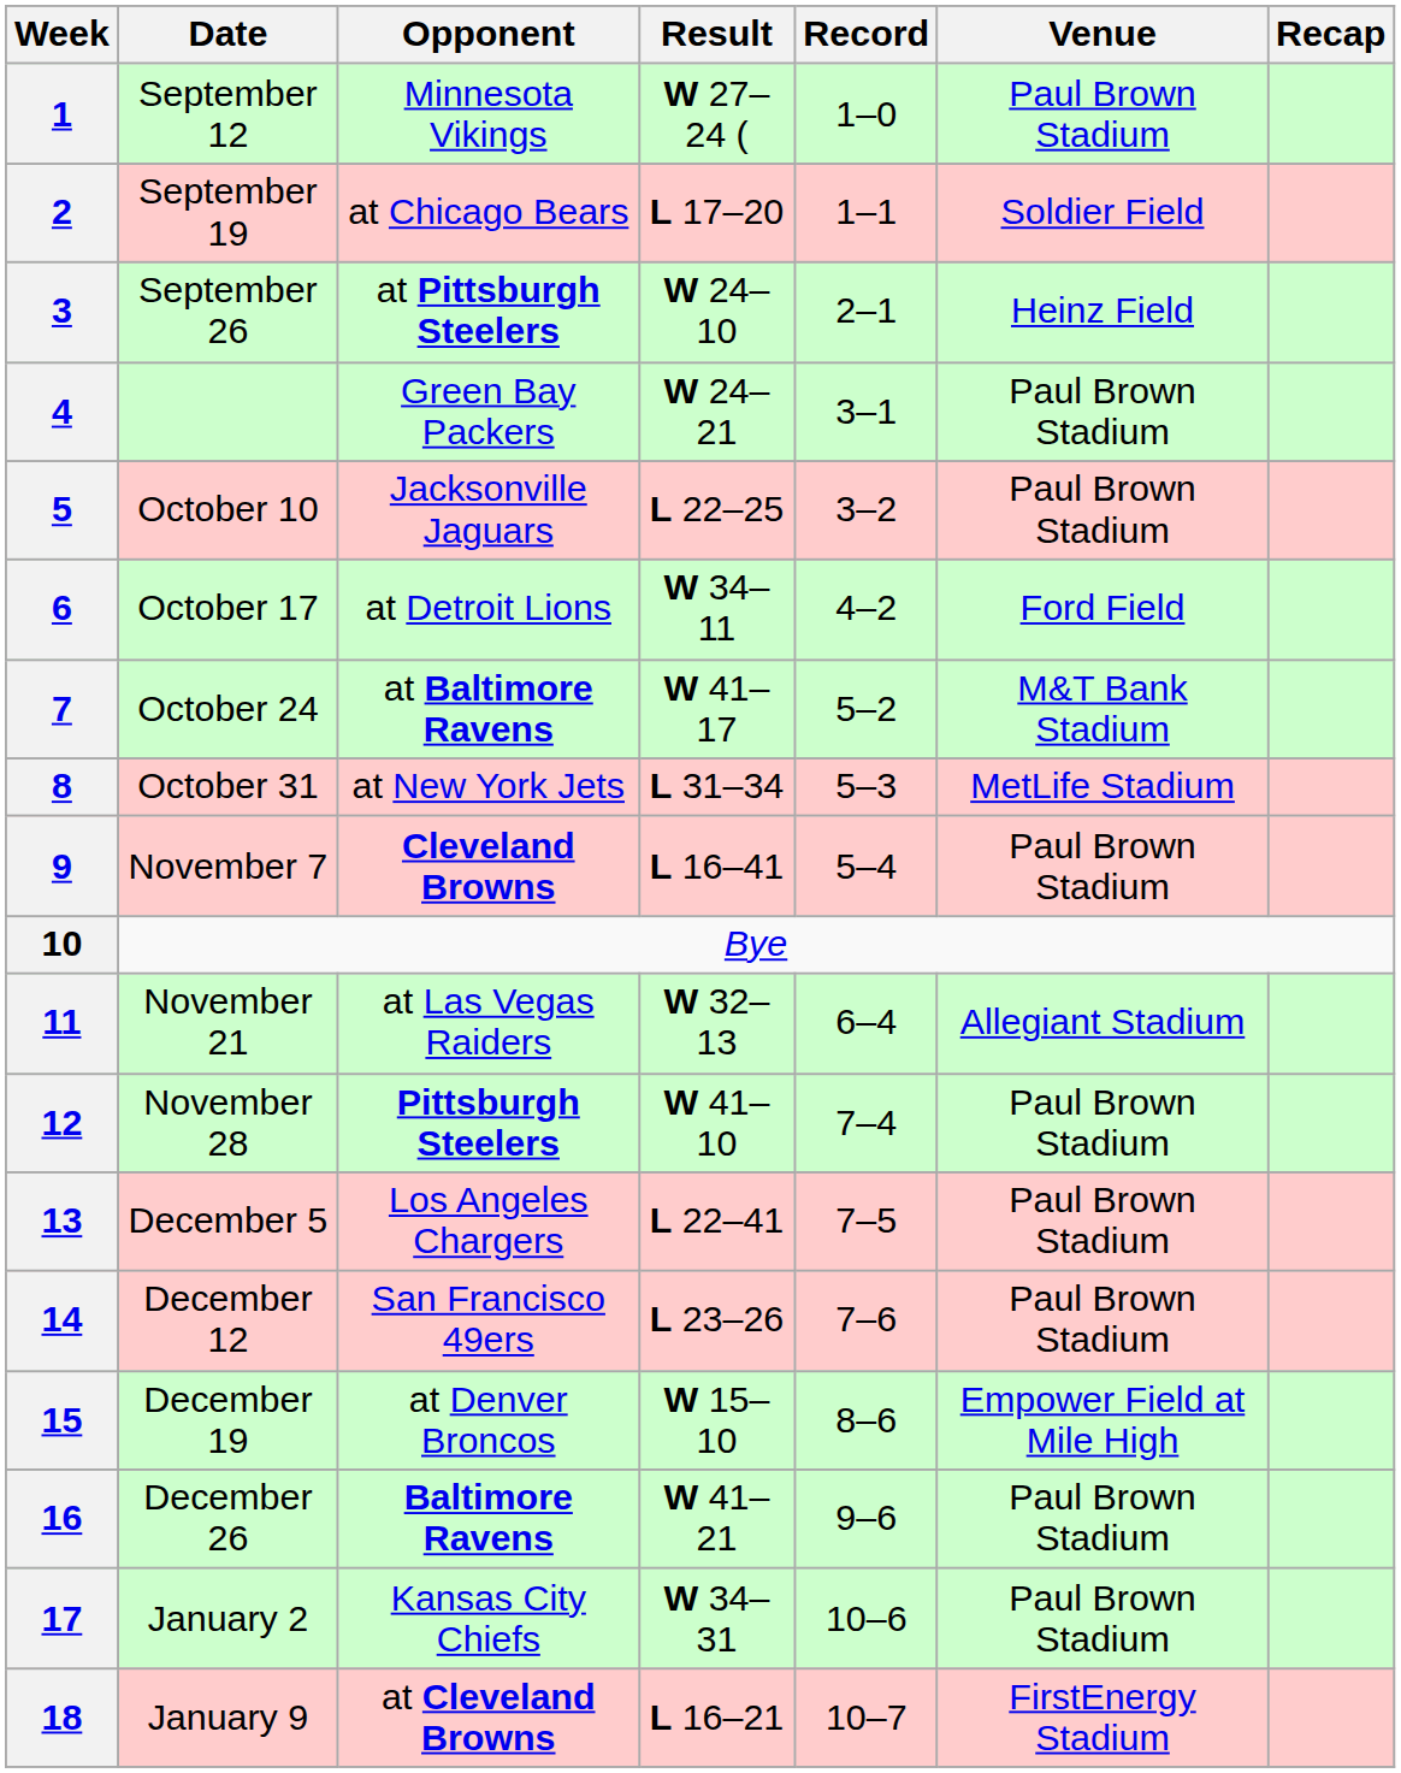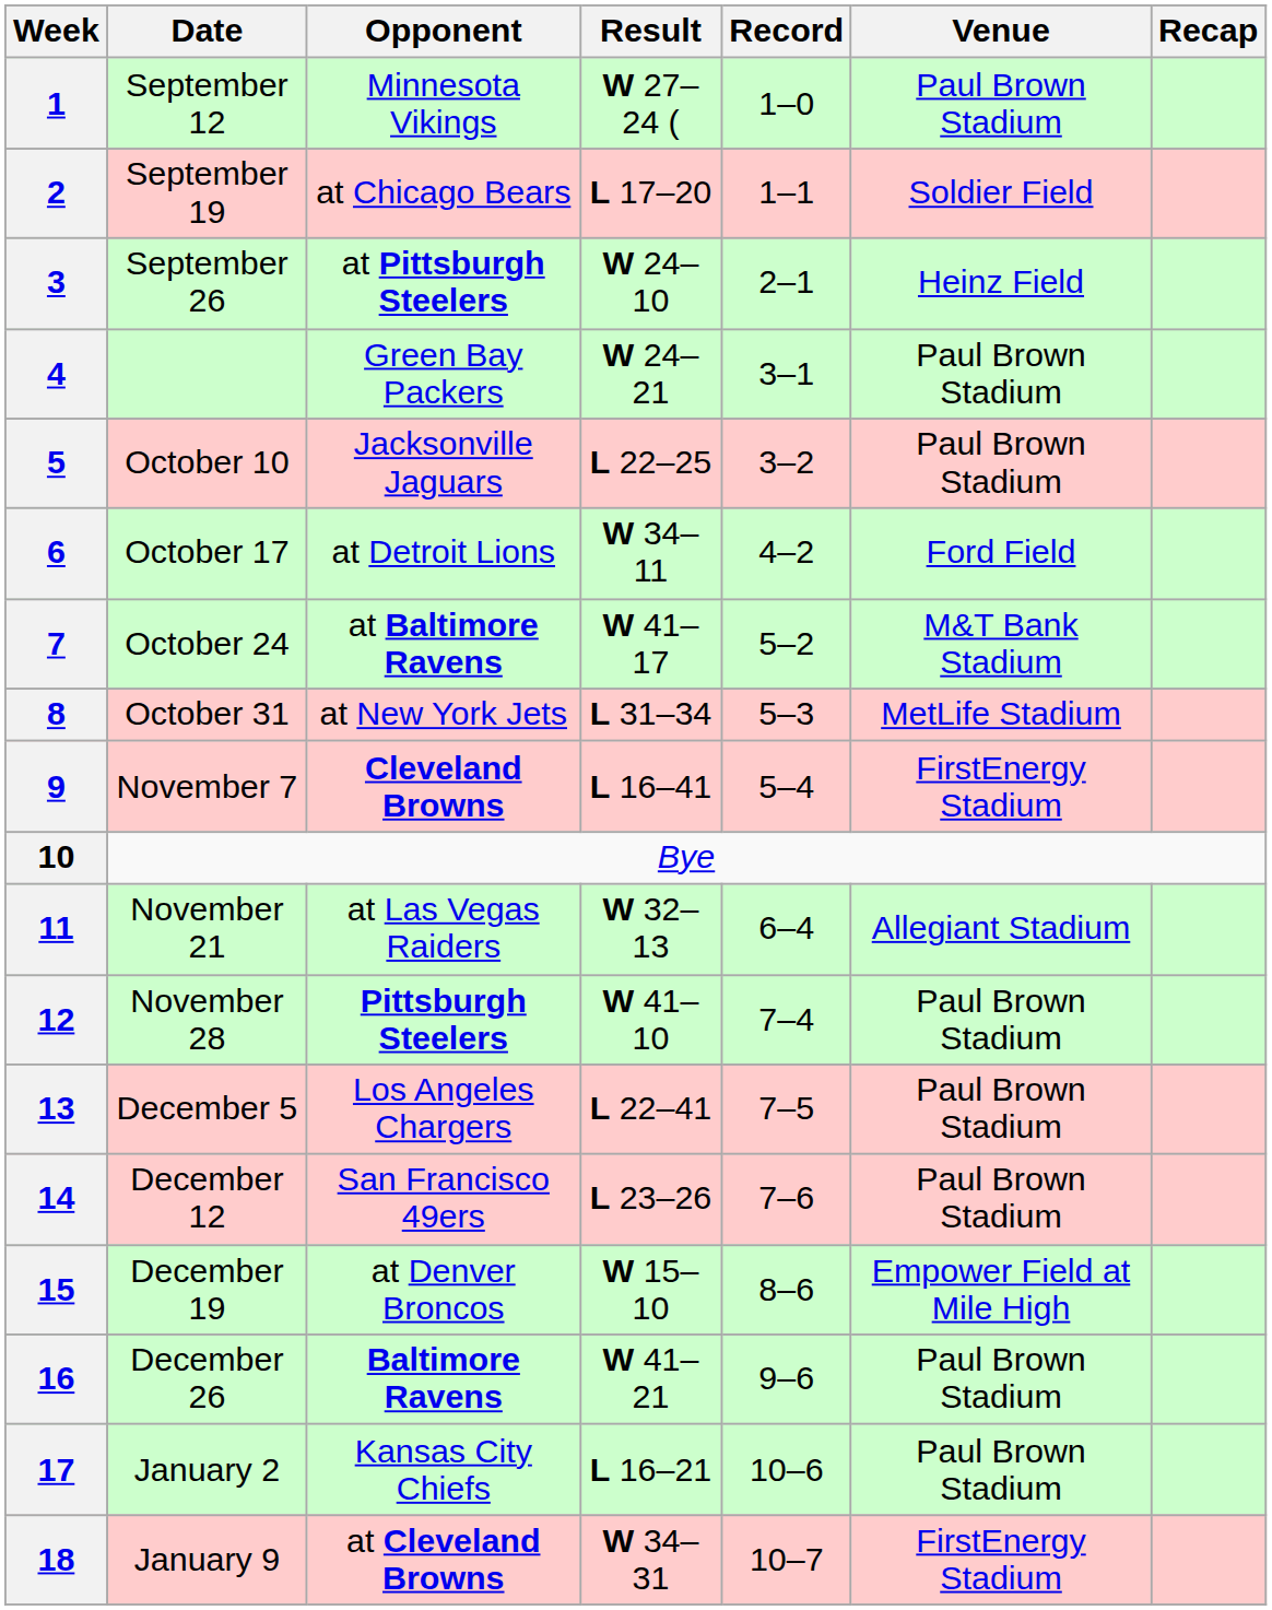 <table class="wikitable" style="text-align:center">
 <tr>
 <th>Week</th>
 <th>Date</th>
 <th>Opponent</th>
 <th>Result</th>
 <th>Record</th>
 <th>Venue</th>
 <th>Recap</th>
 </tr>
 <tr style="background:#cfc">
 <th><a href='#'>1</a></th>
 <td>September 12</td>
 <td><a href='#'>Minnesota Vikings</a></td>
 <td><strong>W</strong> 27–24 (</td>
 <td>1–0</td>
 <td><a href='#'>Paul Brown Stadium</a></td>
 <td></td>
 </tr>
 <tr style="background:#fcc">
 <th><a href='#'>2</a></th>
 <td>September 19</td>
 <td>at <a href='#'>Chicago Bears</a></td>
 <td><strong>L</strong> 17–20</td>
 <td>1–1</td>
 <td><a href='#'>Soldier Field</a></td>
 <td></td>
 </tr>
 <tr style="background:#cfc">
 <th><a href='#'>3</a></th>
 <td>September 26</td>
 <td>at <strong><a href='#'>Pittsburgh Steelers</a></strong></td>
 <td><strong>W</strong> 24–10</td>
 <td>2–1</td>
 <td><a href='#'>Heinz Field</a></td>
 <td></td>
 </tr>
 <tr style="background:#cfc">
 <th><a href='#'>4</a></th>
 <td></td>
 <td><a href='#'>Green Bay Packers</a></td>
 <td><strong>W</strong> 24–21</td>
 <td>3–1</td>
 <td>Paul Brown Stadium</td>
 <td></td>
 </tr>
 <tr style="background:#fcc">
 <th><a href='#'>5</a></th>
 <td>October 10</td>
 <td><a href='#'>Jacksonville Jaguars</a></td>
 <td><strong>L</strong> 22–25 </td>
 <td>3–2</td>
 <td>Paul Brown Stadium</td>
 <td></td>
 </tr>
 <tr style="background:#cfc">
 <th><a href='#'>6</a></th>
 <td>October 17</td>
 <td>at <a href='#'>Detroit Lions</a></td>
 <td><strong>W</strong> 34–11</td>
 <td>4–2</td>
 <td><a href='#'>Ford Field</a></td>
 <td></td>
 </tr>
 <tr style="background:#cfc">
 <th><a href='#'>7</a></th>
 <td>October 24</td>
 <td>at <strong><a href='#'>Baltimore Ravens</a></strong></td>
 <td><strong>W</strong> 41–17</td>
 <td>5–2</td>
 <td><a href='#'>M&T Bank Stadium</a></td>
 <td></td>
 </tr>
 <tr style="background:#fcc">
 <th><a href='#'>8</a></th>
 <td>October 31</td>
 <td>at <a href='#'>New York Jets</a></td>
 <td><strong>L</strong> 31–34</td>
 <td>5–3</td>
 <td><a href='#'>MetLife Stadium</a></td>
 <td></td>
 </tr>
 <tr style="background:#fcc">
 <th><a href='#'>9</a></th>
 <td>November 7</td>
 <td><strong><a href='#'>Cleveland Browns</a></strong></td>
 <td><strong>L</strong> 16–41</td>
 <td>5–4</td>
-<td>Paul Brown Stadium</td>
+<td><a href='#'>FirstEnergy Stadium</a></td>
 <td></td>
 </tr>
 <tr>
 <th>10</th>
 <td colspan="6"><em><a href='#'>Bye</a></em></td>
 </tr>
 <tr style="background:#cfc">
 <th><a href='#'>11</a></th>
 <td>November 21</td>
 <td>at <a href='#'>Las Vegas Raiders</a></td>
 <td><strong>W</strong> 32–13</td>
 <td>6–4</td>
 <td><a href='#'>Allegiant Stadium</a></td>
 <td></td>
 </tr>
 <tr style="background:#cfc">
 <th><a href='#'>12</a></th>
 <td>November 28</td>
 <td><strong><a href='#'>Pittsburgh Steelers</a></strong></td>
 <td><strong>W</strong> 41–10</td>
 <td>7–4</td>
 <td>Paul Brown Stadium</td>
 <td></td>
 </tr>
 <tr style="background:#fcc">
 <th><a href='#'>13</a></th>
 <td>December 5</td>
 <td><a href='#'>Los Angeles Chargers</a></td>
 <td><strong>L</strong> 22–41</td>
 <td>7–5</td>
 <td>Paul Brown Stadium</td>
 <td></td>
 </tr>
 <tr style="background:#fcc">
 <th><a href='#'>14</a></th>
 <td>December 12</td>
 <td><a href='#'>San Francisco 49ers</a></td>
 <td><strong>L</strong> 23–26 </td>
 <td>7–6</td>
 <td>Paul Brown Stadium</td>
 <td></td>
 </tr>
 <tr style="background:#cfc">
 <th><a href='#'>15</a></th>
 <td>December 19</td>
 <td>at <a href='#'>Denver Broncos</a></td>
 <td><strong>W</strong> 15–10</td>
 <td>8–6</td>
 <td><a href='#'>Empower Field at Mile High</a></td>
 <td></td>
 </tr>
 <tr style="background:#cfc">
 <th><a href='#'>16</a></th>
 <td>December 26</td>
 <td><strong><a href='#'>Baltimore Ravens</a></strong></td>
 <td><strong>W</strong> 41–21</td>
 <td>9–6</td>
 <td>Paul Brown Stadium</td>
 <td></td>
 </tr>
 <tr style="background:#cfc">
 <th><a href='#'>17</a></th>
 <td>January 2</td>
 <td><a href='#'>Kansas City Chiefs</a></td>
-<td><strong>W</strong> 34–31</td>
+<td><strong>L</strong> 16–21</td>
 <td>10–6</td>
 <td>Paul Brown Stadium</td>
 <td></td>
 </tr>
 <tr style="background:#fcc">
 <th><a href='#'>18</a></th>
 <td>January 9</td>
 <td>at <strong><a href='#'>Cleveland Browns</a></strong></td>
-<td><strong>L</strong> 16–21</td>
+<td><strong>W</strong> 34–31</td>
 <td>10–7</td>
 <td><a href='#'>FirstEnergy Stadium</a></td>
 <td></td>
 </tr>
 </table>
